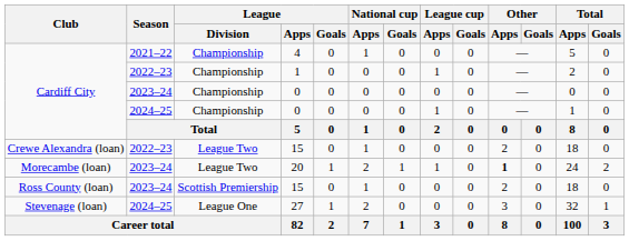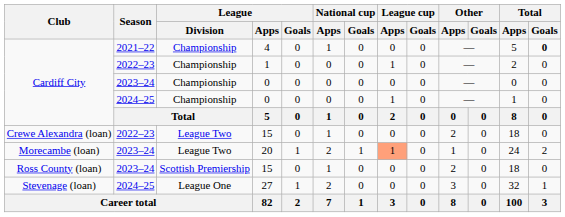 <table class="wikitable" style="text-align:center">
 <tr>
 <th rowspan="2">Club</th>
 <th rowspan="2">Season</th>
 <th colspan="3">League</th>
 <th colspan="2">National cup</th>
 <th colspan="2">League cup</th>
 <th colspan="2">Other</th>
 <th colspan="2">Total</th>
 </tr>
 <tr>
 <th>Division</th>
 <th>Apps</th>
 <th>Goals</th>
 <th>Apps</th>
 <th>Goals</th>
 <th>Apps</th>
 <th>Goals</th>
 <th>Apps</th>
 <th>Goals</th>
 <th>Apps</th>
 <th>Goals</th>
 </tr>
 <tr>
 <td rowspan=5><a href='#'>Cardiff City</a></td>
 <td><a href='#'>2021–22</a></td>
 <td><a href='#'>Championship</a></td>
 <td>4</td>
 <td>0</td>
 <td>1</td>
 <td>0</td>
 <td>0</td>
 <td>0</td>
 <td colspan=2>—</td>
 <td>5</td>
-<td>0</td>
+<td><strong>0</strong></td>
 </tr>
 <tr>
 <td><a href='#'>2022–23</a></td>
 <td>Championship</td>
 <td>1</td>
 <td>0</td>
 <td>0</td>
 <td>0</td>
 <td>1</td>
 <td>0</td>
 <td colspan=2>—</td>
 <td>2</td>
 <td>0</td>
 </tr>
 <tr>
 <td><a href='#'>2023–24</a></td>
 <td>Championship</td>
 <td>0</td>
 <td>0</td>
 <td>0</td>
 <td>0</td>
 <td>0</td>
 <td>0</td>
 <td colspan=2>—</td>
 <td>0</td>
 <td>0</td>
 </tr>
 <tr>
 <td><a href='#'>2024–25</a></td>
 <td>Championship</td>
 <td>0</td>
 <td>0</td>
 <td>0</td>
 <td>0</td>
 <td>1</td>
 <td>0</td>
 <td colspan=2>—</td>
 <td>1</td>
 <td>0</td>
 </tr>
 <tr>
 <th colspan=2>Total</th>
 <th>5</th>
 <th>0</th>
 <th>1</th>
 <th>0</th>
 <th>2</th>
 <th>0</th>
 <th>0</th>
 <th>0</th>
 <th>8</th>
 <th>0</th>
 </tr>
 <tr>
 <td><a href='#'>Crewe Alexandra</a> (loan)</td>
 <td><a href='#'>2022–23</a></td>
 <td><a href='#'>League Two</a></td>
 <td>15</td>
 <td>0</td>
 <td>1</td>
 <td>0</td>
 <td>0</td>
 <td>0</td>
 <td>2</td>
 <td>0</td>
 <td>18</td>
 <td>0</td>
 </tr>
 <tr>
 <td><a href='#'>Morecambe</a> (loan)</td>
 <td><a href='#'>2023–24</a></td>
 <td>League Two</td>
 <td>20</td>
 <td>1</td>
 <td>2</td>
 <td>1</td>
+<td style="background: lightsalmon;">1</td>
+<td>0</td>
 <td>1</td>
-<td>0</td>
-<td><strong>1</strong></td>
 <td>0</td>
 <td>24</td>
 <td>2</td>
 </tr>
 <tr>
 <td><a href='#'>Ross County</a> (loan)</td>
 <td><a href='#'>2023–24</a></td>
 <td><a href='#'>Scottish Premiership</a></td>
 <td>15</td>
 <td>0</td>
 <td>1</td>
 <td>0</td>
 <td>0</td>
 <td>0</td>
 <td>2</td>
 <td>0</td>
 <td>18</td>
 <td>0</td>
 </tr>
 <tr>
 <td><a href='#'>Stevenage</a> (loan)</td>
 <td><a href='#'>2024–25</a></td>
 <td>League One</td>
 <td>27</td>
 <td>1</td>
 <td>2</td>
 <td>0</td>
 <td>0</td>
 <td>0</td>
 <td>3</td>
 <td>0</td>
 <td>32</td>
 <td>1</td>
 </tr>
 <tr>
 <th colspan=3>Career total</th>
 <th>82</th>
 <th>2</th>
 <th>7</th>
 <th>1</th>
 <th>3</th>
 <th>0</th>
 <th>8</th>
 <th>0</th>
 <th>100</th>
 <th>3</th>
 </tr>
 </table>
